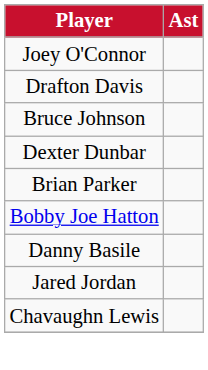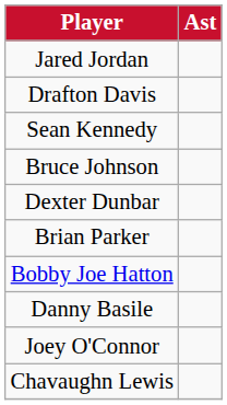 <table class="wikitable sortable" style="text-align:center">
 <tr>
 <th style="background:#C8102E; color:#FFFFFF;">Player</th>
 <th style="background:#C8102E; color:#FFFFFF;">Ast</th>
 </tr>
 <tr>
-<td>Joey O'Connor</td>
+<td>Jared Jordan</td>
 <td></td>
 </tr>
 <tr>
 <td>Drafton Davis</td>
+<td></td>
+</tr>
+<tr>
+<td>Sean Kennedy</td>
 <td></td>
 </tr>
 <tr>
 <td>Bruce Johnson</td>
 <td></td>
 </tr>
 <tr>
 <td>Dexter Dunbar</td>
 <td></td>
 </tr>
 <tr>
 <td>Brian Parker</td>
 <td></td>
 </tr>
 <tr>
 <td><a href='#'>Bobby Joe Hatton</a></td>
 <td></td>
 </tr>
 <tr>
 <td>Danny Basile</td>
 <td></td>
 </tr>
 <tr>
-<td>Jared Jordan</td>
+<td>Joey O'Connor</td>
 <td></td>
 </tr>
 <tr>
 <td>Chavaughn Lewis</td>
 <td></td>
 </tr>
 <tr>
 </tr>
 </table>
